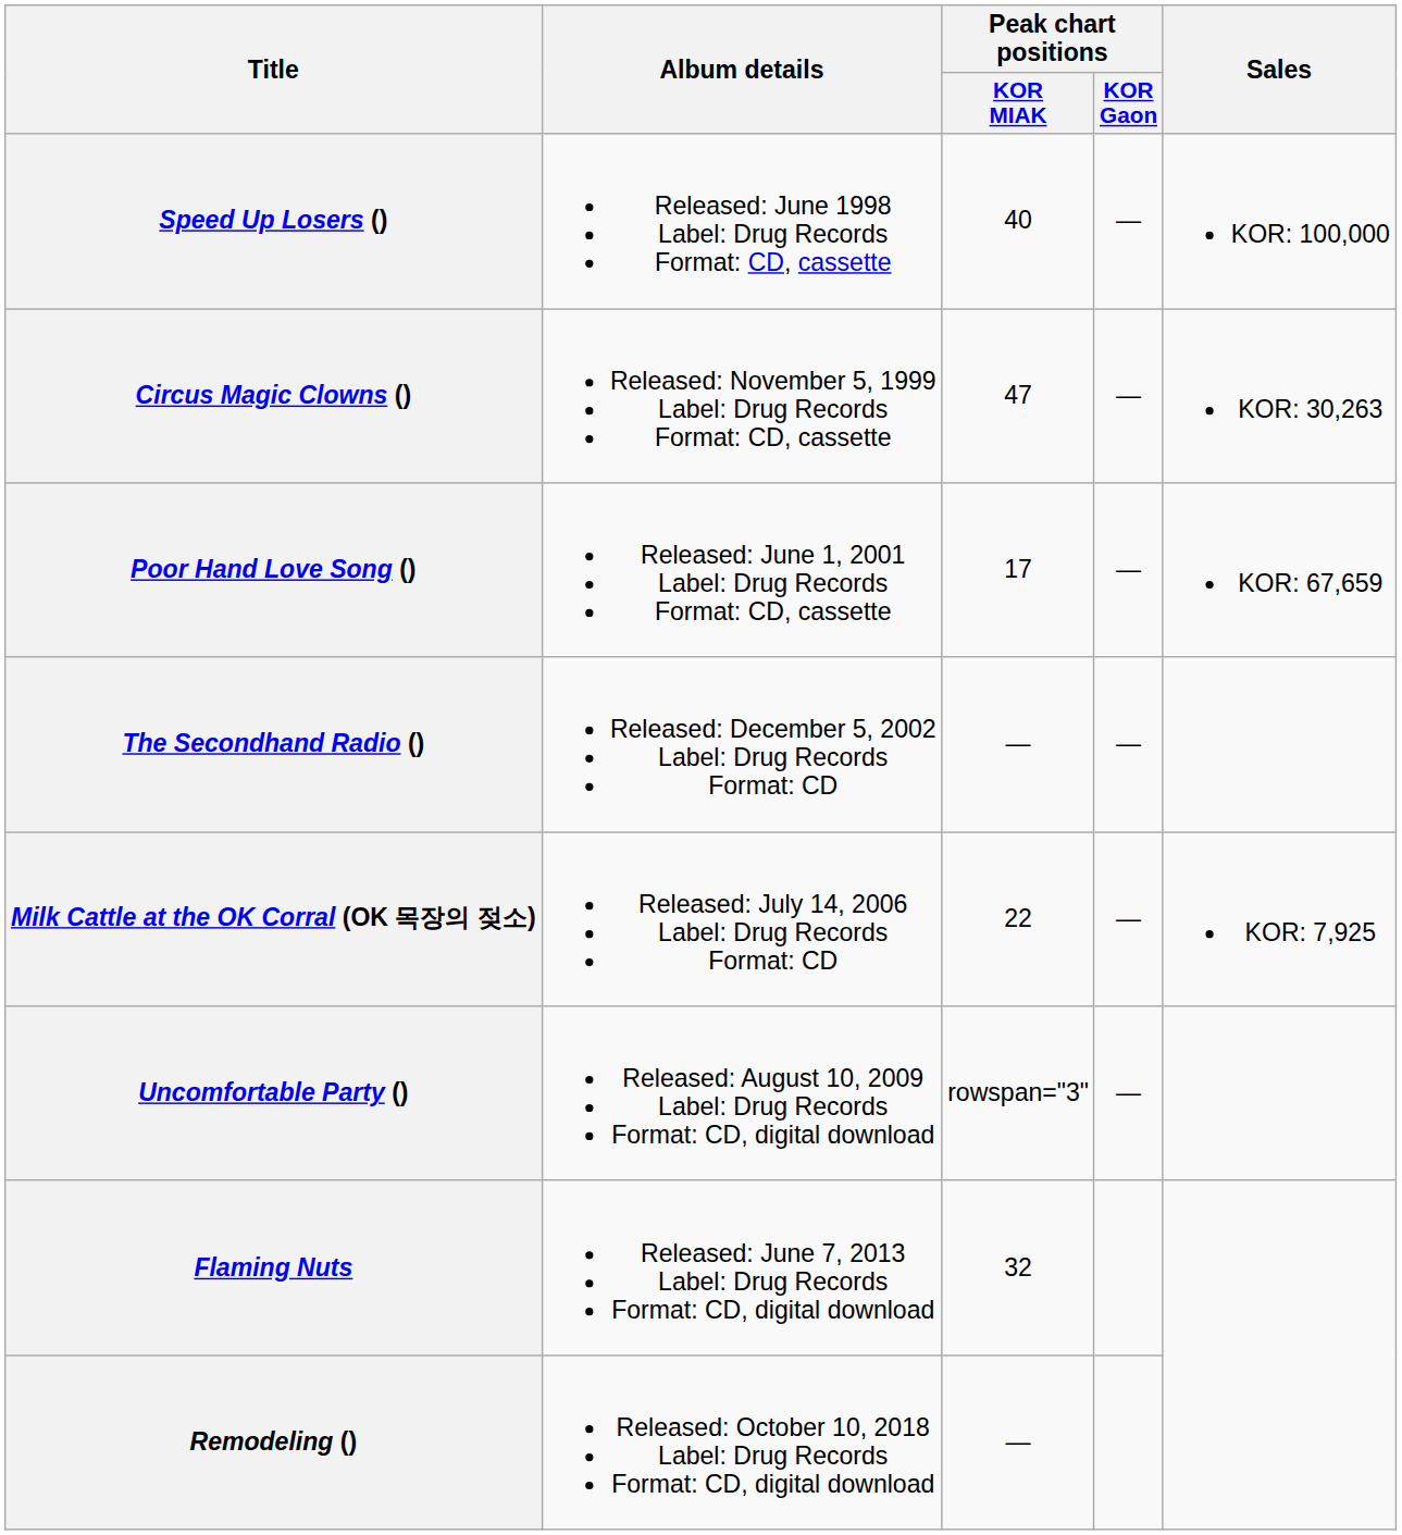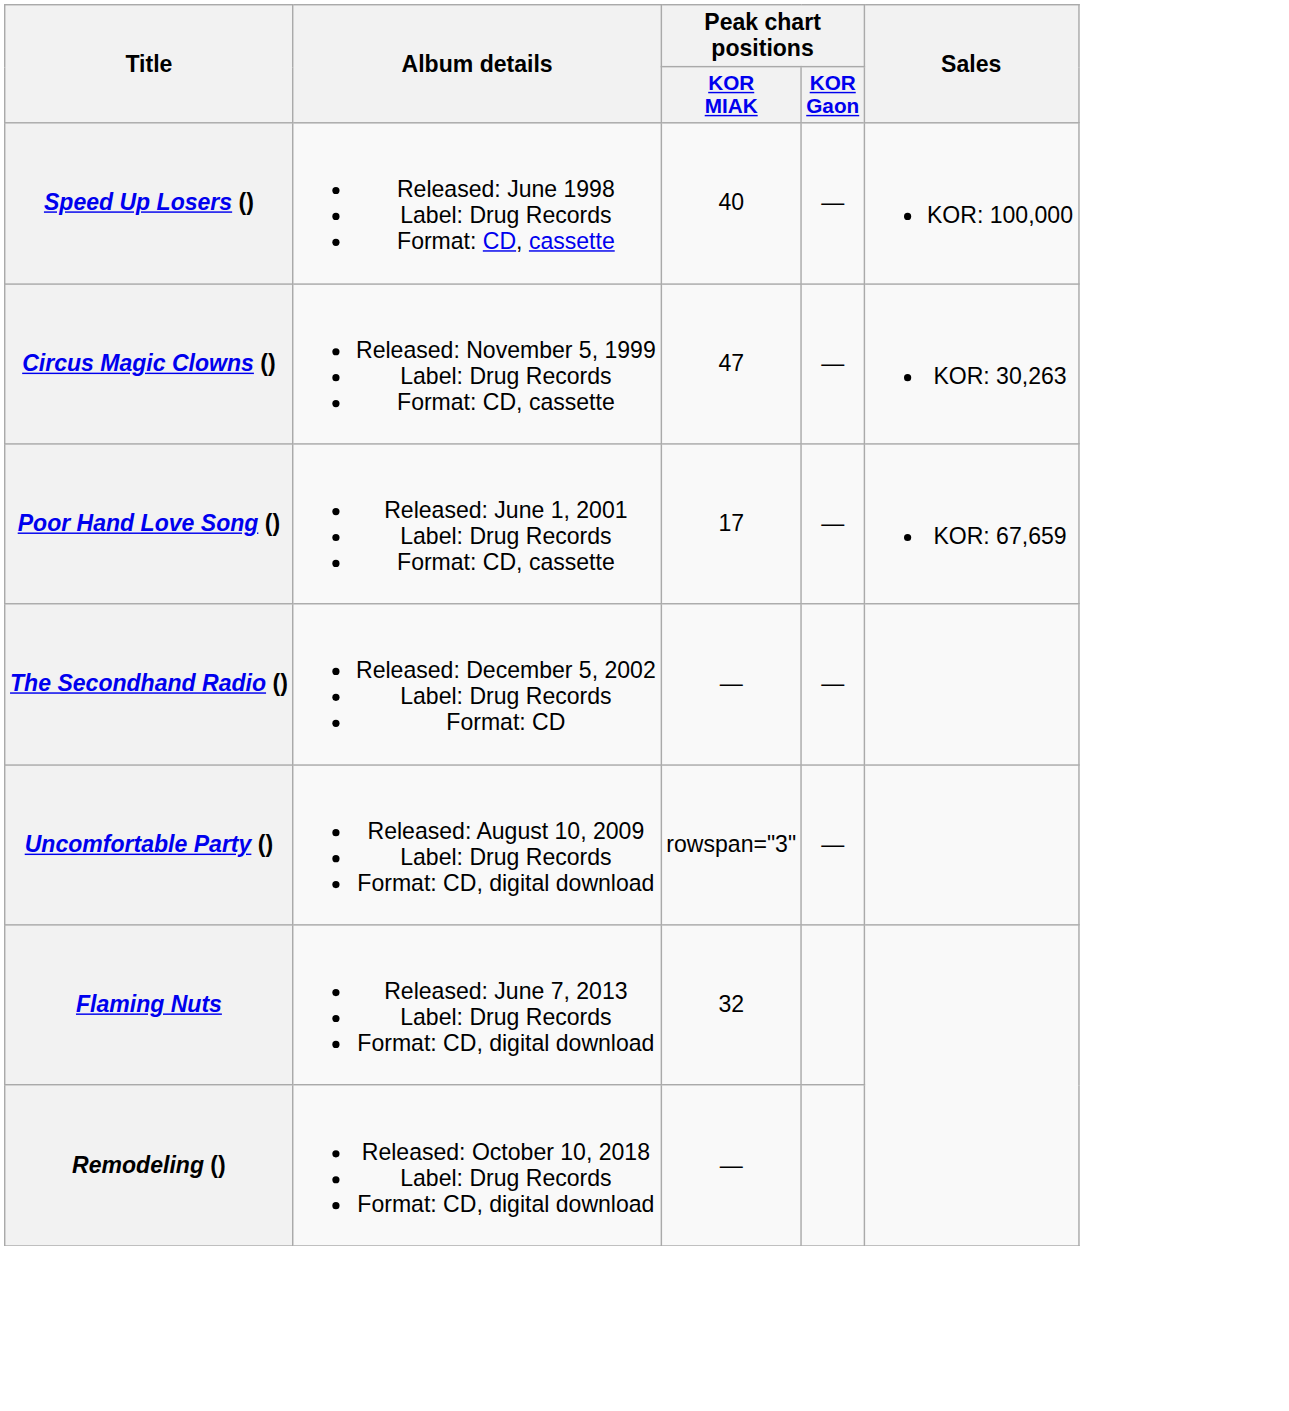 <table class="wikitable plainrowheaders" style="text-align:center;">
 <tr>
 <th scope="col" rowspan="2">Title</th>
 <th scope="col" rowspan="2">Album details</th>
 <th colspan="2" scope="col">Peak chart positions</th>
 <th scope="col" rowspan="2">Sales</th>
 </tr>
 <tr>
 <th scope="col" style="width:2.5em;font-size:90%;"><a href='#'>KOR<br>MIAK</a><br></th>
 <th scope="col" style="width:2.5em;font-size:90%;"><a href='#'>KOR<br>Gaon</a><br></th>
 </tr>
 <tr>
 <th scope="row"><em><a href='#'>Speed Up Losers</a></em> ()</th>
 <td><br><ul><li>Released: June 1998</li><li>Label: Drug Records</li><li>Format: <a href='#'>CD</a>, <a href='#'>cassette</a></li></ul></td>
 <td>40</td>
 <td>—</td>
 <td><br><ul><li>KOR: 100,000</li></ul></td>
 </tr>
 <tr>
 <th scope="row"><em><a href='#'>Circus Magic Clowns</a></em> ()</th>
 <td><br><ul><li>Released: November 5, 1999</li><li>Label: Drug Records</li><li>Format: CD, cassette</li></ul></td>
 <td>47</td>
 <td>—</td>
 <td><br><ul><li>KOR: 30,263</li></ul></td>
 </tr>
 <tr>
 <th scope="row"><em><a href='#'>Poor Hand Love Song</a></em> ()</th>
 <td><br><ul><li>Released: June 1, 2001</li><li>Label: Drug Records</li><li>Format: CD, cassette</li></ul></td>
 <td>17</td>
 <td>—</td>
 <td><br><ul><li>KOR: 67,659</li></ul></td>
 </tr>
 <tr>
 <th scope="row"><em><a href='#'>The Secondhand Radio</a></em> ()</th>
 <td><br><ul><li>Released: December 5, 2002</li><li>Label: Drug Records</li><li>Format: CD</li></ul></td>
 <td>—</td>
 <td>—</td>
 <td></td>
 </tr>
 <tr>
-<th scope="row"><em><a href='#'>Milk Cattle at the OK Corral</a></em> (OK 목장의 젖소)</th>
-<td><br><ul><li>Released: July 14, 2006</li><li>Label: Drug Records</li><li>Format: CD</li></ul></td>
-<td>22</td>
-<td>—</td>
-<td><br><ul><li>KOR: 7,925</li></ul></td>
-</tr>
-<tr>
 <th scope="row"><em><a href='#'>Uncomfortable Party</a></em> ()</th>
 <td><br><ul><li>Released: August 10, 2009</li><li>Label: Drug Records</li><li>Format: CD, digital download</li></ul></td>
 <td>rowspan="3" </td>
 <td>—</td>
 <td></td>
 </tr>
 <tr>
 <th scope="row"><em><a href='#'>Flaming Nuts</a></em></th>
 <td><br><ul><li>Released: June 7, 2013</li><li>Label: Drug Records</li><li>Format: CD, digital download</li></ul></td>
 <td>32</td>
 <td></td>
 </tr>
 <tr>
 <th scope="row"><em>Remodeling</em> ()</th>
 <td><br><ul><li>Released: October 10, 2018</li><li>Label: Drug Records</li><li>Format: CD, digital download</li></ul></td>
 <td>—</td>
 <td></td>
 </tr>
 </table>
